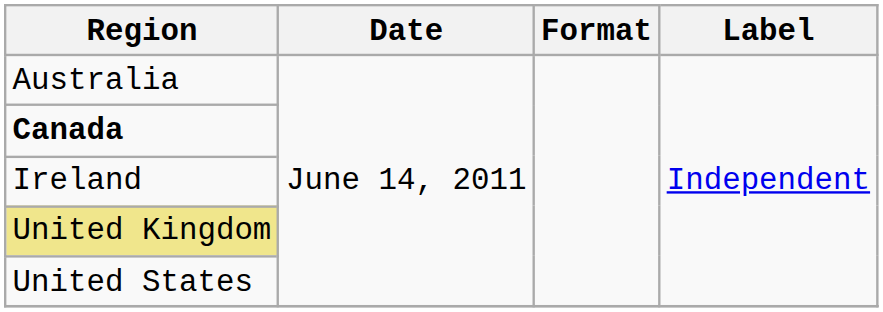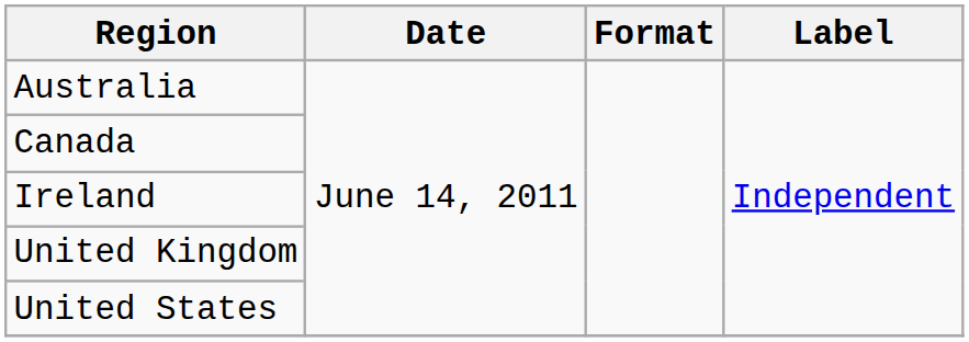 <table class="wikitable">
 <tr>
 <th>Region</th>
 <th>Date</th>
 <th>Format</th>
 <th>Label</th>
 </tr>
 <tr>
 <td>Australia</td>
 <td rowspan="5">June 14, 2011</td>
 <td rowspan="5"></td>
 <td rowspan="5"><a href='#'>Independent</a></td>
 </tr>
 <tr>
-<td><strong>Canada</strong></td>
+<td>Canada</td>
 </tr>
 <tr>
 <td>Ireland</td>
 </tr>
 <tr>
-<td style="background: khaki;">United Kingdom</td>
+<td>United Kingdom</td>
 </tr>
 <tr>
 <td>United States</td>
 </tr>
 <tr>
 </tr>
 </table>
